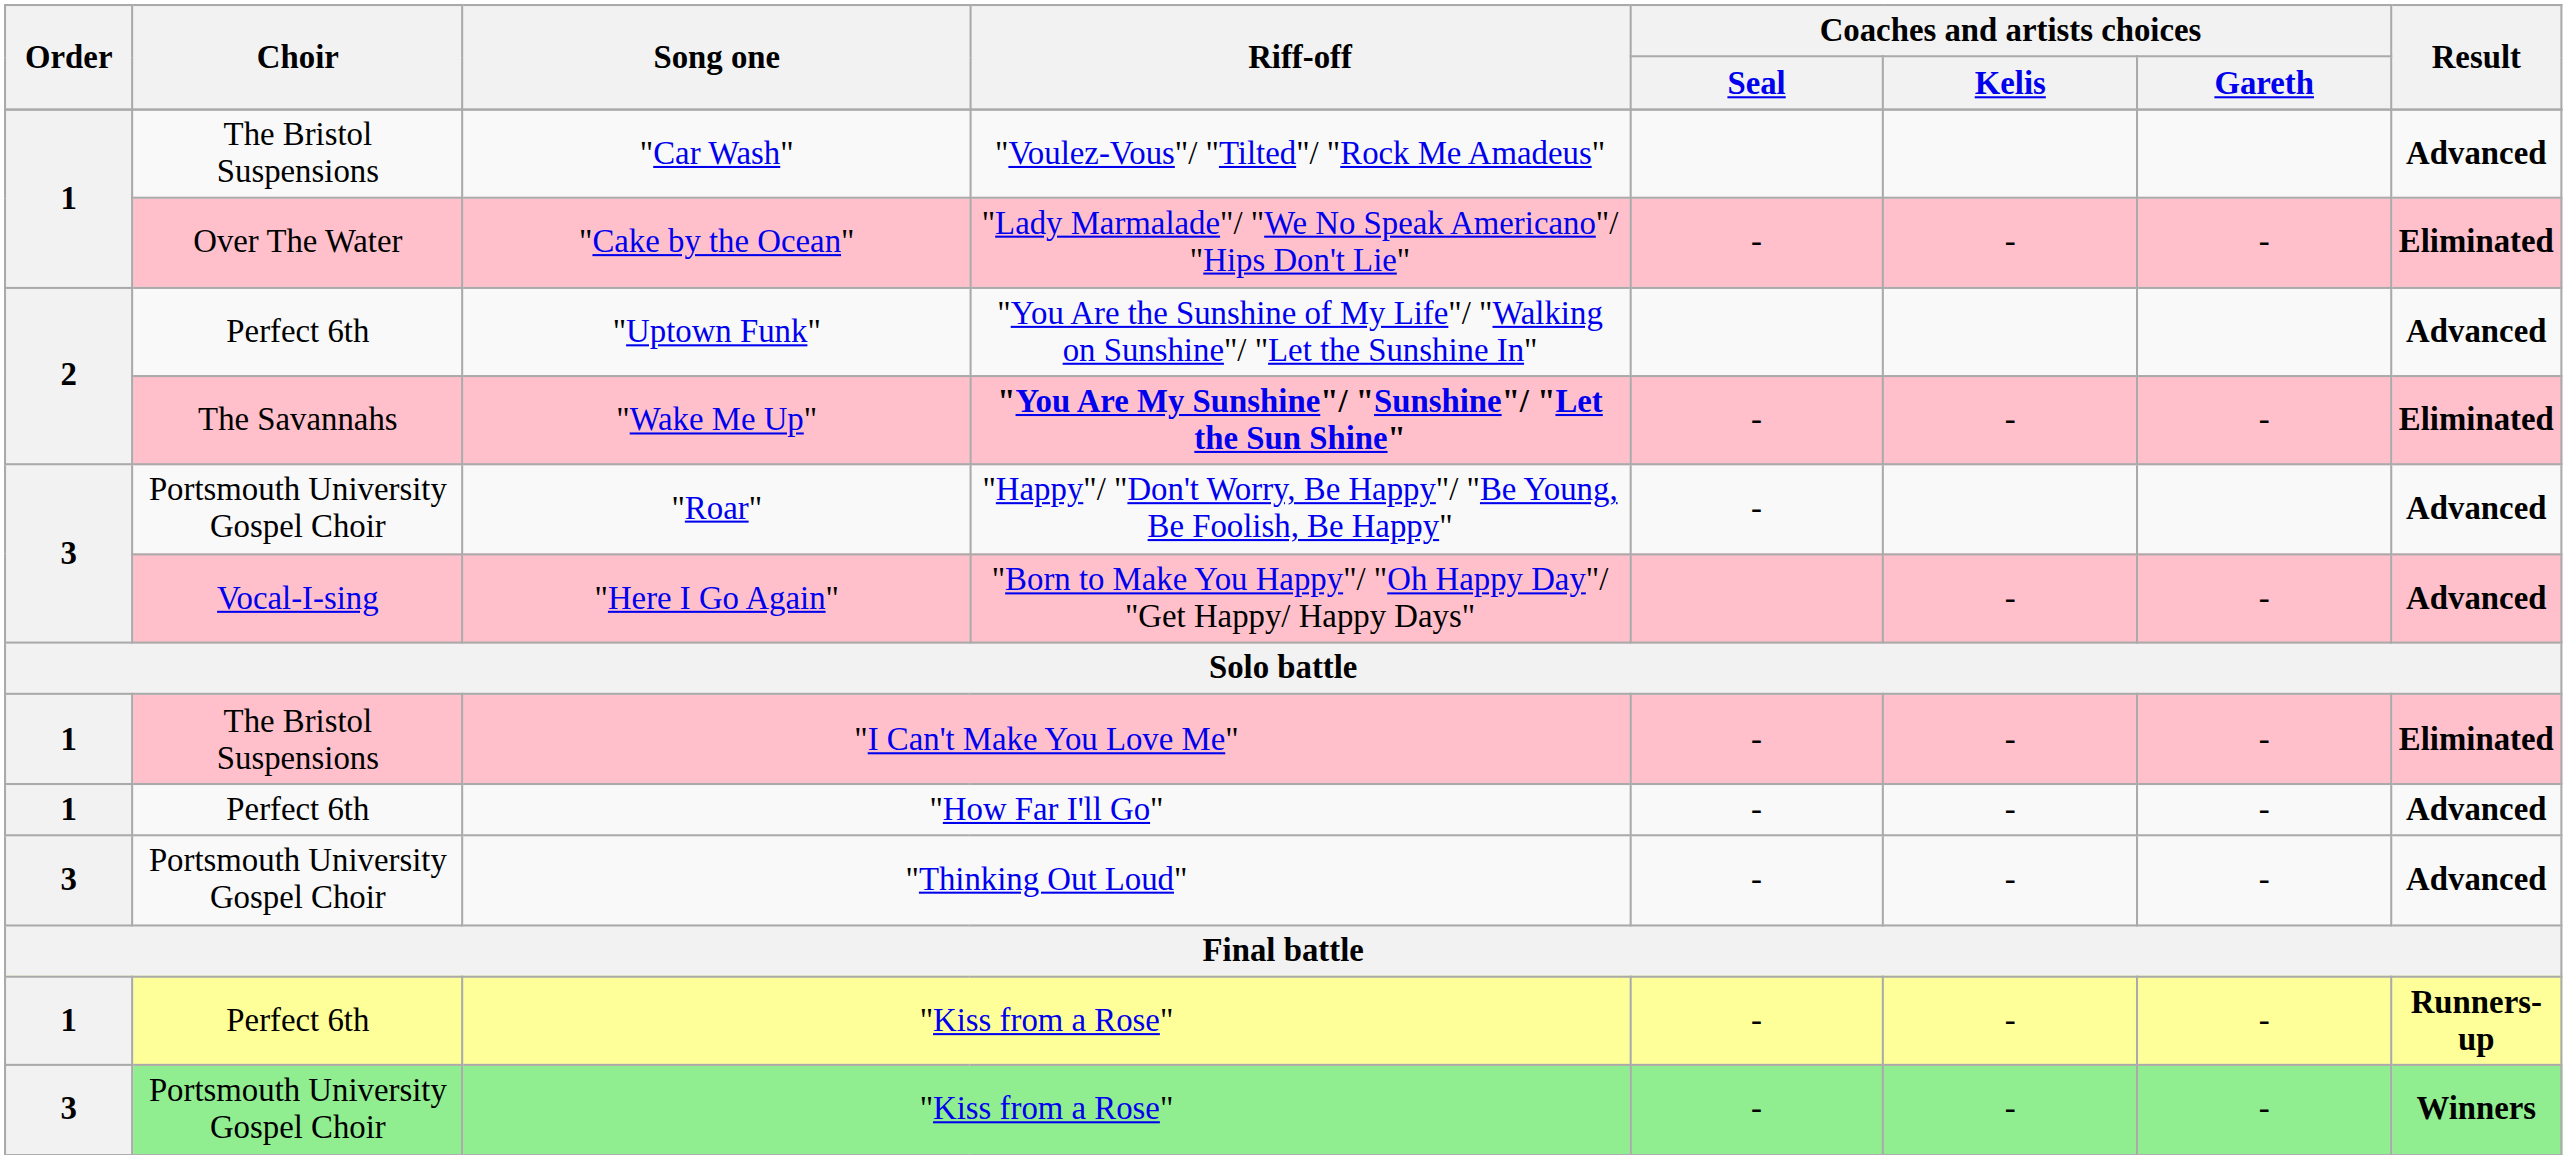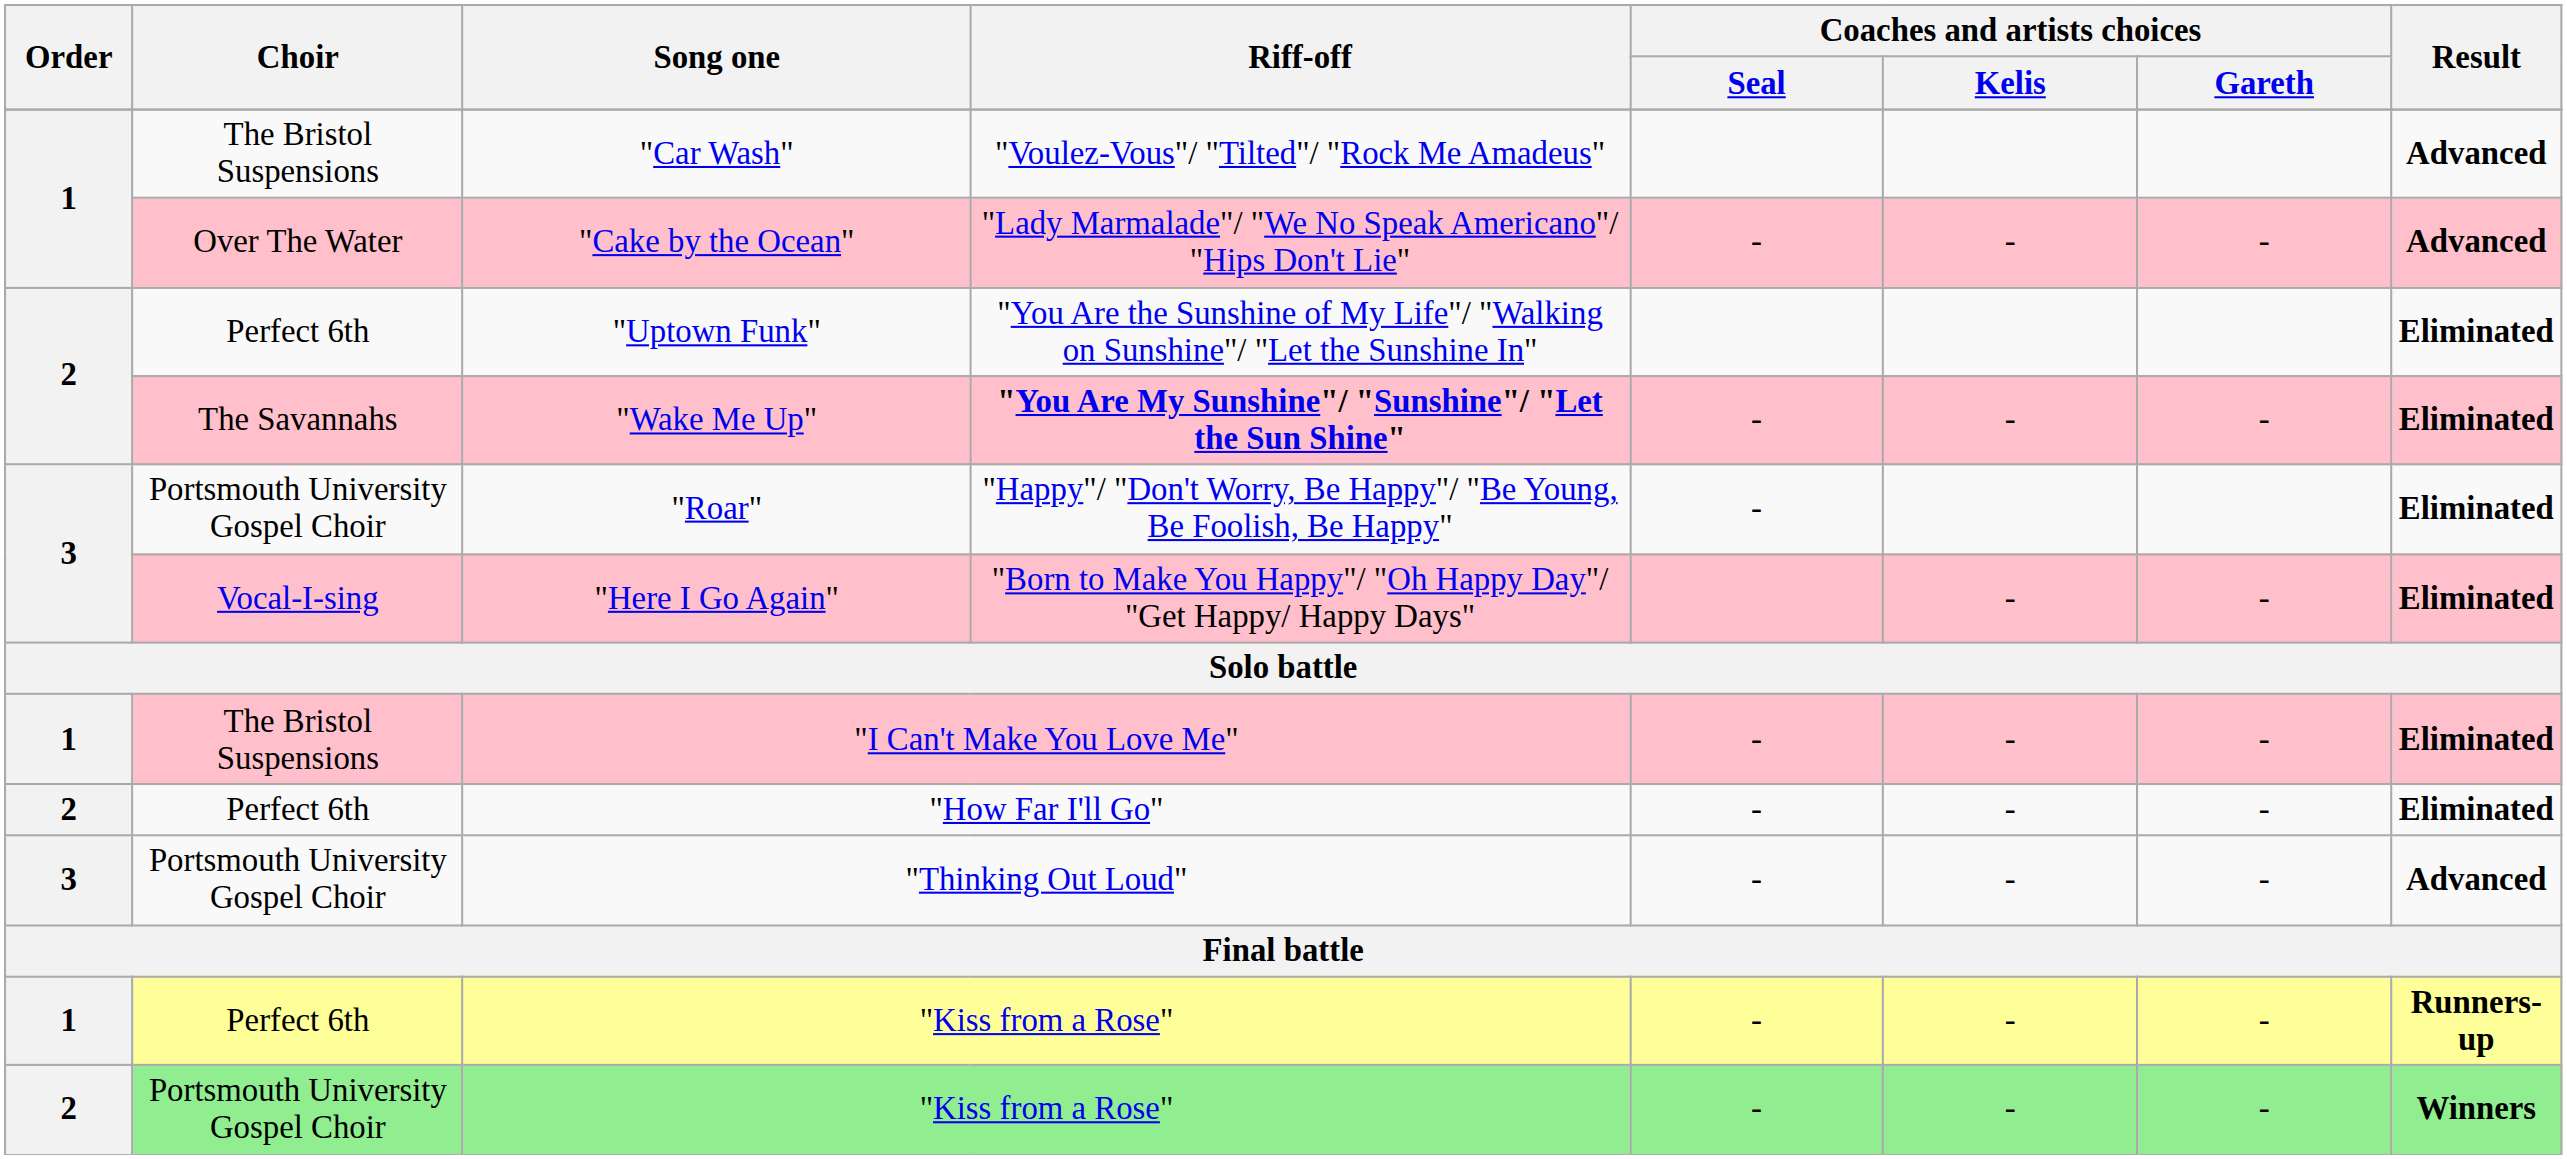 <table class="wikitable plainrowheaders" style="text-align:center;">
 <tr>
 <th scope="col" rowspan="2" style="width:05%;">Order</th>
 <th scope="col" rowspan="2" style="width:13%;">Choir</th>
 <th scope="col" rowspan="2" style="width:20%;">Song one</th>
 <th scope="col" rowspan="2" style="width:26%;">Riff-off</th>
 <th colspan="3" style="width:40%;">Coaches and artists choices</th>
 <th scope="col" rowspan="2" style="width:05%;">Result</th>
 </tr>
 <tr>
 <th style="width:10%;"><a href='#'>Seal</a></th>
 <th style="width:10%;"><a href='#'>Kelis</a></th>
 <th style="width:10%;"><a href='#'>Gareth</a></th>
 </tr>
 <tr>
 </tr>
 <tr>
 <th rowspan="2" scope="row">1</th>
 <td>The Bristol Suspensions</td>
 <td>"<a href='#'>Car Wash</a>"</td>
 <td>"<a href='#'>Voulez-Vous</a>"/ "<a href='#'>Tilted</a>"/ "<a href='#'>Rock Me Amadeus</a>"</td>
 <td><strong></strong></td>
 <td><strong></strong></td>
 <td><strong></strong></td>
 <td><strong>Advanced</strong></td>
 </tr>
 <tr style="background:pink;">
 <td>Over The Water</td>
 <td>"<a href='#'>Cake by the Ocean</a>"</td>
 <td>"<a href='#'>Lady Marmalade</a>"/ "<a href='#'>We No Speak Americano</a>"/ "<a href='#'>Hips Don't Lie</a>"</td>
 <td>-</td>
 <td>-</td>
 <td>-</td>
-<td><strong>Eliminated</strong></td>
+<td><strong>Advanced</strong></td>
 </tr>
 <tr>
 <th rowspan="2" scope="row">2</th>
 <td>Perfect 6th</td>
 <td>"<a href='#'>Uptown Funk</a>"</td>
 <td>"<a href='#'>You Are the Sunshine of My Life</a>"/ "<a href='#'>Walking on Sunshine</a>"/ "<a href='#'>Let the Sunshine In</a>"</td>
 <td><strong></strong></td>
 <td><strong></strong></td>
 <td><strong></strong></td>
-<td><strong>Advanced</strong></td>
+<td><strong>Eliminated</strong></td>
 </tr>
 <tr style="background:pink;">
 <td>The Savannahs</td>
 <td>"<a href='#'>Wake Me Up</a>"</td>
 <td><strong>"<a href='#'>You Are My Sunshine</a>"/ "<a href='#'>Sunshine</a>"/ "<a href='#'>Let the Sun Shine</a>"</strong></td>
 <td>-</td>
 <td>-</td>
 <td>-</td>
 <td><strong>Eliminated</strong></td>
 </tr>
 <tr>
 <th rowspan="2" scope="row">3</th>
 <td>Portsmouth University Gospel Choir</td>
 <td>"<a href='#'>Roar</a>"</td>
 <td>"<a href='#'>Happy</a>"/ "<a href='#'>Don't Worry, Be Happy</a>"/ "<a href='#'>Be Young, Be Foolish, Be Happy</a>"</td>
 <td>-</td>
 <td><strong></strong></td>
 <td><strong></strong></td>
-<td><strong>Advanced</strong></td>
+<td><strong>Eliminated</strong></td>
 </tr>
 <tr style="background:pink;">
 <td><a href='#'>Vocal-I-sing</a></td>
 <td>"<a href='#'>Here I Go Again</a>"</td>
 <td>"<a href='#'>Born to Make You Happy</a>"/ "<a href='#'>Oh Happy Day</a>"/ "Get Happy/ Happy Days"</td>
 <td><strong></strong></td>
 <td>-</td>
 <td>-</td>
-<td><strong>Advanced</strong></td>
+<td><strong>Eliminated</strong></td>
 </tr>
 <tr>
 <th colspan="8">Solo battle</th>
 </tr>
 <tr style="background:pink;">
 <th scope="row">1</th>
 <td>The Bristol Suspensions</td>
 <td colspan="2">"<a href='#'>I Can't Make You Love Me</a>"</td>
 <td>-</td>
 <td>-</td>
 <td>-</td>
 <td><strong>Eliminated</strong></td>
 </tr>
 <tr>
-<th scope="row">1</th>
+<th scope="row">2</th>
 <td>Perfect 6th</td>
 <td colspan="2">"<a href='#'>How Far I'll Go</a>"</td>
 <td>-</td>
 <td>-</td>
 <td>-</td>
-<td><strong>Advanced</strong></td>
+<td><strong>Eliminated</strong></td>
 </tr>
 <tr>
 <th scope="row">3</th>
 <td>Portsmouth University Gospel Choir</td>
 <td colspan="2">"<a href='#'>Thinking Out Loud</a>"</td>
 <td>-</td>
 <td>-</td>
 <td>-</td>
 <td><strong>Advanced</strong></td>
 </tr>
 <tr>
 <th colspan="8">Final battle</th>
 </tr>
 <tr style="background:#ff9;">
 <th scope="row">1</th>
 <td>Perfect 6th</td>
 <td colspan="2">"<a href='#'>Kiss from a Rose</a>"</td>
 <td>-</td>
 <td>-</td>
 <td>-</td>
 <td><strong>Runners-up</strong></td>
 </tr>
 <tr style="background:lightgreen;">
-<th scope="row">3</th>
+<th scope="row">2</th>
 <td>Portsmouth University Gospel Choir</td>
 <td colspan="2">"<a href='#'>Kiss from a Rose</a>"</td>
 <td>-</td>
 <td>-</td>
 <td>-</td>
 <td><strong>Winners</strong></td>
 </tr>
 </table>
